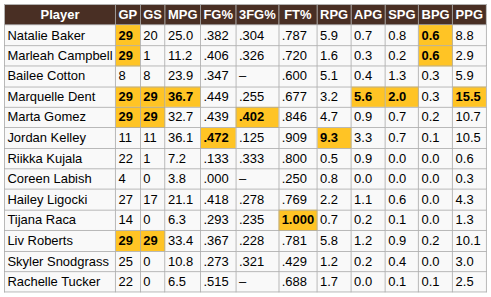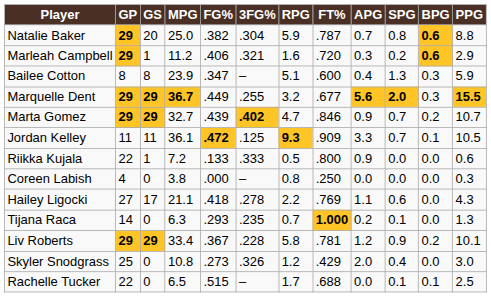 <table class="wikitable sortable">
 <tr>
 <th style="background:#492f24; color:white">Player</th>
 <th style="background:#492f24; color:white">GP</th>
 <th style="background:#492f24; color:white">GS</th>
 <th style="background:#492f24; color:white">MPG</th>
 <th style="background:#492f24; color:white">FG%</th>
 <th style="background:#492f24; color:white">3FG%</th>
+<th style="background:#492f24; color:white;">RPG</th>
 <th style="background:#492f24; color:white">FT%</th>
-<th style="background:#492f24; color:white;">RPG</th>
 <th style="background:#492f24; color:white;">APG</th>
 <th style="background:#492f24; color:white;">SPG</th>
 <th style="background:#492f24; color:white;">BPG</th>
 <th style="background:#492f24; color:white;">PPG</th>
 </tr>
 <tr>
 <td>Natalie Baker</td>
 <td style="background:#ffc425"><strong>29</strong></td>
 <td>20</td>
 <td>25.0</td>
 <td>.382</td>
 <td>.304</td>
+<td>5.9</td>
 <td>.787</td>
-<td>5.9</td>
 <td>0.7</td>
 <td>0.8</td>
 <td style="background:#ffc425"><strong>0.6</strong></td>
 <td>8.8</td>
 </tr>
 <tr>
 <td>Marleah Campbell</td>
 <td style="background:#ffc425"><strong>29</strong></td>
 <td>1</td>
 <td>11.2</td>
 <td>.406</td>
-<td>.326</td>
+<td>.321</td>
+<td>1.6</td>
 <td>.720</td>
-<td>1.6</td>
 <td>0.3</td>
 <td>0.2</td>
 <td style="background:#ffc425"><strong>0.6</strong></td>
 <td>2.9</td>
 </tr>
 <tr>
 <td>Bailee Cotton</td>
 <td>8</td>
 <td>8</td>
 <td>23.9</td>
 <td>.347</td>
 <td>–</td>
+<td>5.1</td>
 <td>.600</td>
-<td>5.1</td>
 <td>0.4</td>
 <td>1.3</td>
 <td>0.3</td>
 <td>5.9</td>
 </tr>
 <tr>
 <td>Marquelle Dent</td>
 <td style="background:#ffc425"><strong>29</strong></td>
 <td style="background:#ffc425"><strong>29</strong></td>
 <td style="background:#ffc425"><strong>36.7</strong></td>
 <td>.449</td>
 <td>.255</td>
+<td>3.2</td>
 <td>.677</td>
-<td>3.2</td>
 <td style="background:#ffc425"><strong>5.6</strong></td>
 <td style="background:#ffc425"><strong>2.0</strong></td>
 <td>0.3</td>
 <td style="background:#ffc425"><strong>15.5</strong></td>
 </tr>
 <tr>
 <td>Marta Gomez</td>
 <td style="background:#ffc425"><strong>29</strong></td>
 <td style="background:#ffc425"><strong>29</strong></td>
 <td>32.7</td>
 <td>.439</td>
 <td style="background:#ffc425"><strong>.402</strong></td>
+<td>4.7</td>
 <td>.846</td>
-<td>4.7</td>
 <td>0.9</td>
 <td>0.7</td>
 <td>0.2</td>
 <td>10.7</td>
 </tr>
 <tr>
 <td>Jordan Kelley</td>
 <td>11</td>
 <td>11</td>
 <td>36.1</td>
 <td style="background:#ffc425"><strong>.472</strong></td>
 <td>.125</td>
+<td style="background:#ffc425"><strong>9.3</strong></td>
 <td>.909</td>
-<td style="background:#ffc425"><strong>9.3</strong></td>
 <td>3.3</td>
 <td>0.7</td>
 <td>0.1</td>
 <td>10.5</td>
 </tr>
 <tr>
 <td>Riikka Kujala</td>
 <td>22</td>
 <td>1</td>
 <td>7.2</td>
 <td>.133</td>
 <td>.333</td>
+<td>0.5</td>
 <td>.800</td>
-<td>0.5</td>
 <td>0.9</td>
 <td>0.0</td>
 <td>0.0</td>
 <td>0.6</td>
 </tr>
 <tr>
 <td>Coreen Labish</td>
 <td>4</td>
 <td>0</td>
 <td>3.8</td>
 <td>.000</td>
 <td>–</td>
+<td>0.8</td>
 <td>.250</td>
-<td>0.8</td>
 <td>0.0</td>
 <td>0.0</td>
 <td>0.0</td>
 <td>0.3</td>
 </tr>
 <tr>
 <td>Hailey Ligocki</td>
 <td>27</td>
 <td>17</td>
 <td>21.1</td>
 <td>.418</td>
 <td>.278</td>
+<td>2.2</td>
 <td>.769</td>
-<td>2.2</td>
 <td>1.1</td>
 <td>0.6</td>
 <td>0.0</td>
 <td>4.3</td>
 </tr>
 <tr>
 <td>Tijana Raca</td>
 <td>14</td>
 <td>0</td>
 <td>6.3</td>
 <td>.293</td>
 <td>.235</td>
+<td>0.7</td>
 <td style="background:#ffc425"><strong>1.000</strong></td>
-<td>0.7</td>
 <td>0.2</td>
 <td>0.1</td>
 <td>0.0</td>
 <td>1.3</td>
 </tr>
 <tr>
 <td>Liv Roberts</td>
 <td style="background:#ffc425"><strong>29</strong></td>
 <td style="background:#ffc425"><strong>29</strong></td>
 <td>33.4</td>
 <td>.367</td>
 <td>.228</td>
+<td>5.8</td>
 <td>.781</td>
-<td>5.8</td>
 <td>1.2</td>
 <td>0.9</td>
 <td>0.2</td>
 <td>10.1</td>
 </tr>
 <tr>
 <td>Skyler Snodgrass</td>
 <td>25</td>
 <td>0</td>
 <td>10.8</td>
 <td>.273</td>
-<td>.321</td>
+<td>.326</td>
+<td>1.2</td>
 <td>.429</td>
-<td>1.2</td>
-<td>0.2</td>
+<td>2.0</td>
 <td>0.4</td>
 <td>0.0</td>
 <td>3.0</td>
 </tr>
 <tr>
 <td>Rachelle Tucker</td>
 <td>22</td>
 <td>0</td>
 <td>6.5</td>
 <td>.515</td>
 <td>–</td>
+<td>1.7</td>
 <td>.688</td>
-<td>1.7</td>
 <td>0.0</td>
 <td>0.1</td>
 <td>0.1</td>
 <td>2.5</td>
 </tr>
 </table>
